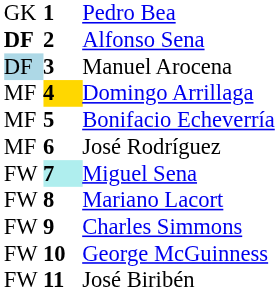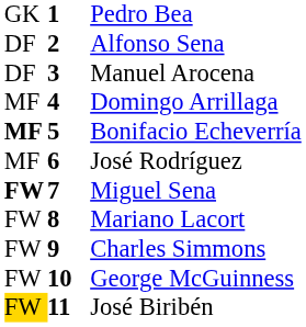 <table style="font-size:90%; margin:0.2em auto;" cellspacing="0" cellpadding="0">
 <tr>
 <th width="25"></th>
 <th width="25"></th>
 </tr>
 <tr>
 <td>GK</td>
 <td><strong>1</strong></td>
 <td> <a href='#'>Pedro Bea</a></td>
 </tr>
 <tr>
-<td><strong>DF</strong></td>
+<td>DF</td>
 <td><strong>2</strong></td>
 <td> <a href='#'>Alfonso Sena</a></td>
 </tr>
 <tr>
-<td style="background: lightblue;">DF</td>
+<td>DF</td>
 <td><strong>3</strong></td>
 <td> Manuel Arocena</td>
 </tr>
 <tr>
 <td>MF</td>
-<td style="background: gold;"><strong>4</strong></td>
+<td><strong>4</strong></td>
 <td> <a href='#'>Domingo Arrillaga</a></td>
 </tr>
 <tr>
-<td>MF</td>
+<td><strong>MF</strong></td>
 <td><strong>5</strong></td>
 <td> <a href='#'>Bonifacio Echeverría</a></td>
 </tr>
 <tr>
 <td>MF</td>
 <td><strong>6</strong></td>
 <td> José Rodríguez</td>
 </tr>
 <tr>
-<td>FW</td>
-<td style="background: paleturquoise;"><strong>7</strong></td>
+<td><strong>FW</strong></td>
+<td><strong>7</strong></td>
 <td> <a href='#'>Miguel Sena</a></td>
 </tr>
 <tr>
 <td>FW</td>
 <td><strong>8</strong></td>
 <td> <a href='#'>Mariano Lacort</a></td>
 </tr>
 <tr>
 <td>FW</td>
 <td><strong>9</strong></td>
 <td> <a href='#'>Charles Simmons</a></td>
 </tr>
 <tr>
 <td>FW</td>
 <td><strong>10</strong></td>
 <td> <a href='#'>George McGuinness</a></td>
 </tr>
 <tr>
-<td>FW</td>
+<td style="background: gold;">FW</td>
 <td><strong>11</strong></td>
 <td> José Biribén</td>
 </tr>
 </table>
